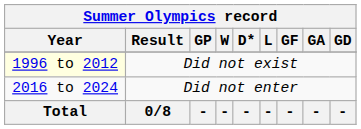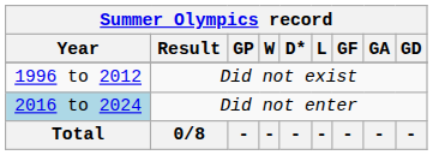 <table class="wikitable" style="text-align: center; width:50%;">
 <tr>
 <th colspan=10><a href='#'>Summer Olympics</a> record</th>
 </tr>
 <tr>
 <th>Year</th>
 <th>Result</th>
 <th>GP</th>
 <th>W</th>
 <th>D*</th>
 <th>L</th>
 <th>GF</th>
 <th>GA</th>
 <th>GD</th>
 </tr>
 <tr>
 </tr>
 <tr>
-<td style="background: lightyellow;"> <a href='#'>1996</a> to  <a href='#'>2012</a></td>
+<td> <a href='#'>1996</a> to  <a href='#'>2012</a></td>
 <td colspan=8><em>Did not exist</em></td>
 </tr>
 <tr>
-<td> <a href='#'>2016</a> to  <a href='#'>2024</a></td>
+<td style="background: lightblue;"> <a href='#'>2016</a> to  <a href='#'>2024</a></td>
 <td colspan=8><em>Did not enter</em></td>
 </tr>
 <tr>
 <th><strong>Total</strong></th>
 <th>0/8</th>
 <th>-</th>
 <th>-</th>
 <th>-</th>
 <th>-</th>
 <th>-</th>
 <th>-</th>
 <th>-</th>
 </tr>
 </table>
